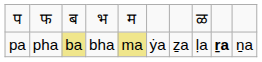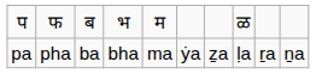 <table class="wikitable" style="margin: 0 auto; text-align: center;">
 <tr>
 <td>प</td>
 <td>फ</td>
 <td>ब</td>
 <td>भ</td>
 <td>म</td>
 <td></td>
 <td></td>
 <td>ळ</td>
 <td></td>
 <td></td>
 </tr>
 <tr>
 <td>pa</td>
 <td>pha</td>
-<td style="background: khaki;">ba</td>
+<td>ba</td>
 <td>bha</td>
-<td style="background: khaki;">ma</td>
+<td>ma</td>
 <td>ẏa</td>
 <td>ẕa</td>
 <td>ḷa</td>
-<td><strong>ṟa</strong></td>
+<td>ṟa</td>
 <td>ṉa</td>
 </tr>
 </table>
